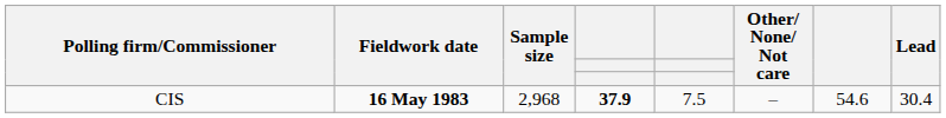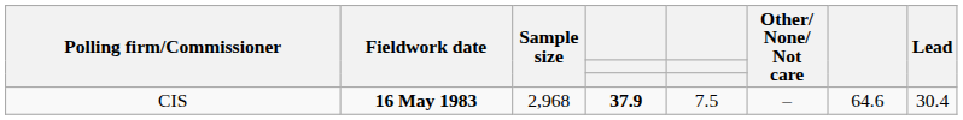 <table class="wikitable collapsible collapsed" style="text-align:center; font-size:90%; line-height:14px;">
 <tr style="height:42px;">
 <th style="width:250px;" rowspan="3">Polling firm/Commissioner</th>
 <th style="width:125px;" rowspan="3">Fieldwork date</th>
 <th style="width:50px;" rowspan="3">Sample size</th>
 <th style="width:55px;"></th>
 <th style="width:55px;"></th>
 <th style="width:55px;" rowspan="3">Other/<br>None/<br>Not<br>care</th>
 <th style="width:55px;" rowspan="3"></th>
 <th style="width:30px;" rowspan="3">Lead</th>
 </tr>
 <tr>
 <th style="color:inherit;background:"></th>
 <th style="color:inherit;background:"></th>
 </tr>
 <tr>
 <th></th>
 <th></th>
 </tr>
 <tr>
 <td>CIS</td>
 <td><strong>16 May 1983</strong></td>
 <td>2,968</td>
 <td><strong>37.9</strong></td>
 <td>7.5</td>
 <td>–</td>
-<td>54.6</td>
+<td>64.6</td>
 <td style="background:">30.4</td>
 </tr>
 </table>
